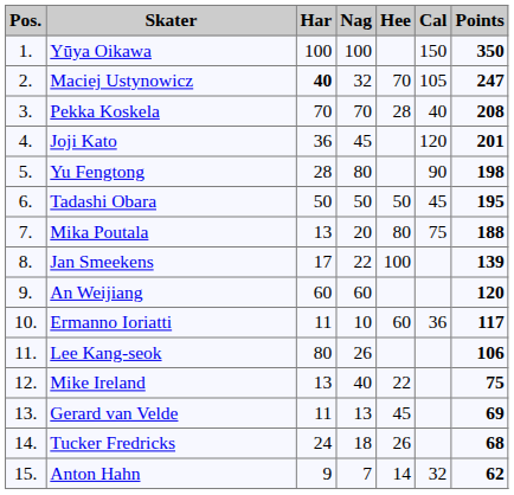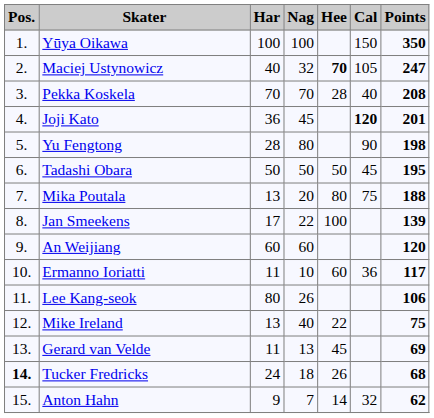 <table bgcolor="#f7f8ff" cellpadding="3" cellspacing="0" border="1" style="font-size: 95%; border: gray solid 1px; border-collapse: collapse;">
 <tr bgcolor="#CCCCCC">
 <td align="center" width="10"><strong>Pos.</strong></td>
 <td align="center" width="200"><strong>Skater</strong></td>
 <td align="center" width="20"><strong>Har</strong></td>
 <td align="center" width="20"><strong>Nag</strong></td>
 <td align="center" width="20"><strong>Hee</strong></td>
 <td align="center" width="20"><strong>Cal</strong></td>
 <td align="center" width="20"><strong>Points</strong></td>
 </tr>
 <tr align="left">
 <td align="center">1.</td>
 <td> <a href='#'>Yūya Oikawa</a></td>
 <td align="right">100</td>
 <td align="right">100</td>
 <td align="right"></td>
 <td align="right">150</td>
 <td align="right"><strong>350</strong></td>
 </tr>
 <tr align="left">
 <td align="center">2.</td>
 <td> <a href='#'>Maciej Ustynowicz</a></td>
-<td align="right"><strong>40</strong></td>
+<td align="right">40</td>
 <td align="right">32</td>
-<td align="right">70</td>
+<td align="right"><strong>70</strong></td>
 <td align="right">105</td>
 <td align="right"><strong>247</strong></td>
 </tr>
 <tr align="left">
 <td align="center">3.</td>
 <td> <a href='#'>Pekka Koskela</a></td>
 <td align="right">70</td>
 <td align="right">70</td>
 <td align="right">28</td>
 <td align="right">40</td>
 <td align="right"><strong>208</strong></td>
 </tr>
 <tr align="left">
 <td align="center">4.</td>
 <td> <a href='#'>Joji Kato</a></td>
 <td align="right">36</td>
 <td align="right">45</td>
 <td align="right"></td>
-<td align="right">120</td>
+<td align="right"><strong>120</strong></td>
 <td align="right"><strong>201</strong></td>
 </tr>
 <tr align="left">
 <td align="center">5.</td>
 <td> <a href='#'>Yu Fengtong</a></td>
 <td align="right">28</td>
 <td align="right">80</td>
 <td align="right"></td>
 <td align="right">90</td>
 <td align="right"><strong>198</strong></td>
 </tr>
 <tr align="left">
 <td align="center">6.</td>
 <td> <a href='#'>Tadashi Obara</a></td>
 <td align="right">50</td>
 <td align="right">50</td>
 <td align="right">50</td>
 <td align="right">45</td>
 <td align="right"><strong>195</strong></td>
 </tr>
 <tr align="left">
 <td align="center">7.</td>
 <td> <a href='#'>Mika Poutala</a></td>
 <td align="right">13</td>
 <td align="right">20</td>
 <td align="right">80</td>
 <td align="right">75</td>
 <td align="right"><strong>188</strong></td>
 </tr>
 <tr align="left">
 <td align="center">8.</td>
 <td> <a href='#'>Jan Smeekens</a></td>
 <td align="right">17</td>
 <td align="right">22</td>
 <td align="right">100</td>
 <td align="right"></td>
 <td align="right"><strong>139</strong></td>
 </tr>
 <tr align="left">
 <td align="center">9.</td>
 <td> <a href='#'>An Weijiang</a></td>
 <td align="right">60</td>
 <td align="right">60</td>
 <td align="right"></td>
 <td align="right"></td>
 <td align="right"><strong>120</strong></td>
 </tr>
 <tr align="left">
 <td align="center">10.</td>
 <td> <a href='#'>Ermanno Ioriatti</a></td>
 <td align="right">11</td>
 <td align="right">10</td>
 <td align="right">60</td>
 <td align="right">36</td>
 <td align="right"><strong>117</strong></td>
 </tr>
 <tr align="left">
 <td align="center">11.</td>
 <td> <a href='#'>Lee Kang-seok</a></td>
 <td align="right">80</td>
 <td align="right">26</td>
 <td align="right"></td>
 <td align="right"></td>
 <td align="right"><strong>106</strong></td>
 </tr>
 <tr align="left">
 <td align="center">12.</td>
 <td> <a href='#'>Mike Ireland</a></td>
 <td align="right">13</td>
 <td align="right">40</td>
 <td align="right">22</td>
 <td align="right"></td>
 <td align="right"><strong>75</strong></td>
 </tr>
 <tr align="left">
 <td align="center">13.</td>
 <td> <a href='#'>Gerard van Velde</a></td>
 <td align="right">11</td>
 <td align="right">13</td>
 <td align="right">45</td>
 <td align="right"></td>
 <td align="right"><strong>69</strong></td>
 </tr>
 <tr align="left">
-<td align="center">14.</td>
+<td align="center"><strong>14.</strong></td>
 <td> <a href='#'>Tucker Fredricks</a></td>
 <td align="right">24</td>
 <td align="right">18</td>
 <td align="right">26</td>
 <td align="right"></td>
 <td align="right"><strong>68</strong></td>
 </tr>
 <tr align="left">
 <td align="center">15.</td>
 <td> <a href='#'>Anton Hahn</a></td>
 <td align="right">9</td>
 <td align="right">7</td>
 <td align="right">14</td>
 <td align="right">32</td>
 <td align="right"><strong>62</strong></td>
 </tr>
 <tr>
 </tr>
 </table>
